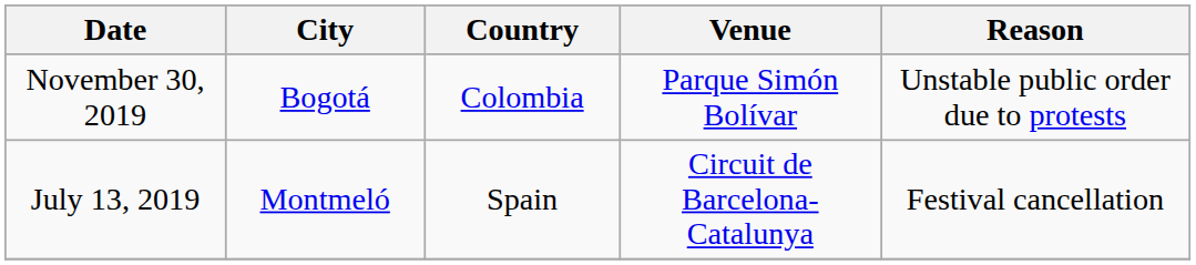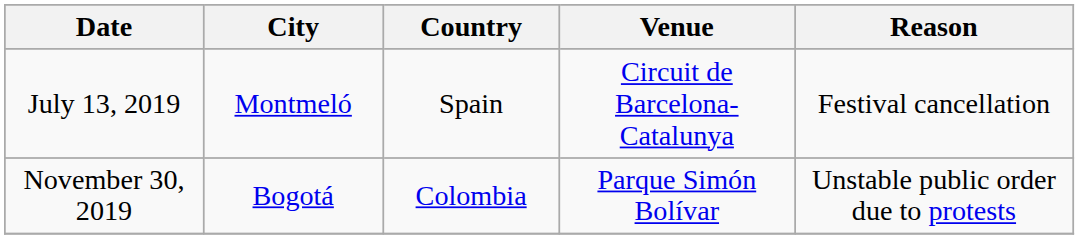 <table class="wikitable" style="text-align:center;">
 <tr>
 <th scope="col" style="width:12em;">Date</th>
 <th scope="col" style="width:10em;">City</th>
 <th scope="col" style="width:10em;">Country</th>
 <th scope="col" style="width:16em;">Venue</th>
 <th scope="col" style="width:20em;">Reason</th>
 </tr>
 <tr>
+<td>July 13, 2019</td>
+<td><a href='#'>Montmeló</a></td>
+<td>Spain</td>
+<td><a href='#'>Circuit de Barcelona-Catalunya</a></td>
+<td>Festival cancellation</td>
+</tr>
+<tr>
 <td>November 30, 2019</td>
 <td><a href='#'>Bogotá</a></td>
 <td><a href='#'>Colombia</a></td>
 <td><a href='#'>Parque Simón Bolívar</a></td>
 <td>Unstable public order due to <a href='#'>protests</a></td>
 </tr>
 <tr>
-<td>July 13, 2019</td>
-<td><a href='#'>Montmeló</a></td>
-<td>Spain</td>
-<td><a href='#'>Circuit de Barcelona-Catalunya</a></td>
-<td>Festival cancellation</td>
-</tr>
-<tr>
 </tr>
 </table>
